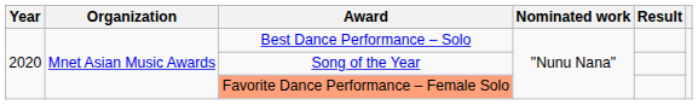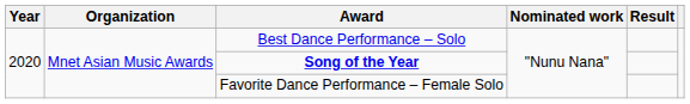 <table class="wikitable">
 <tr>
 <th>Year</th>
 <th>Organization</th>
 <th>Award</th>
 <th>Nominated work</th>
 <th>Result</th>
 <th></th>
 </tr>
 <tr>
 <td align=center rowspan=3>2020</td>
 <td align=center rowspan=3><a href='#'>Mnet Asian Music Awards</a></td>
 <td align=center><a href='#'>Best Dance Performance – Solo</a></td>
 <td rowspan="3" align=center>"Nunu Nana"</td>
 <td></td>
 <td align=center rowspan=3></td>
 </tr>
 <tr>
-<td align=center><a href='#'>Song of the Year</a></td>
+<td align=center><strong><a href='#'>Song of the Year</a></strong></td>
 <td></td>
 </tr>
 <tr>
-<td align=center style="background: lightsalmon;">Favorite Dance Performance – Female Solo</td>
+<td align=center>Favorite Dance Performance – Female Solo</td>
 <td></td>
 </tr>
 </table>
